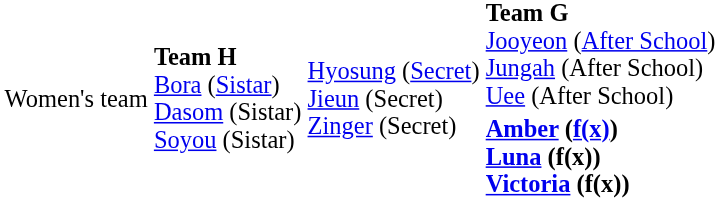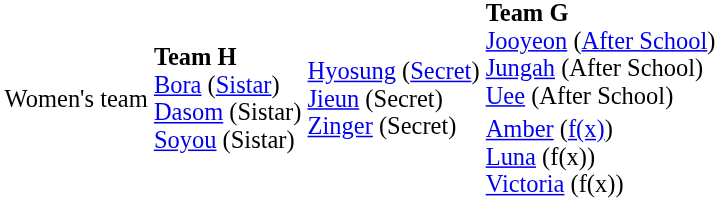 <table>
 <tr>
 <td rowspan="2">Women's team</td>
 <td rowspan="2"><strong>Team H</strong><br><a href='#'>Bora</a> (<a href='#'>Sistar</a>)<br><a href='#'>Dasom</a> (Sistar)<br><a href='#'>Soyou</a> (Sistar)</td>
 <td rowspan="2"><a href='#'>Hyosung</a> (<a href='#'>Secret</a>)<br><a href='#'>Jieun</a> (Secret)<br><a href='#'>Zinger</a> (Secret)</td>
 <td><strong>Team G</strong><br><a href='#'>Jooyeon</a> (<a href='#'>After School</a>)<br><a href='#'>Jungah</a> (After School)<br><a href='#'>Uee</a> (After School)</td>
 </tr>
 <tr>
-<td><strong><a href='#'>Amber</a> (<a href='#'>f(x)</a>)<br><a href='#'>Luna</a> (f(x))<br><a href='#'>Victoria</a> (f(x))</strong></td>
+<td><a href='#'>Amber</a> (<a href='#'>f(x)</a>)<br><a href='#'>Luna</a> (f(x))<br><a href='#'>Victoria</a> (f(x))</td>
 </tr>
 </table>
